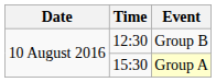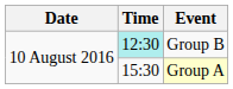 <table class = "wikitable" style="text-align:center;">
 <tr>
 <th>Date</th>
 <th>Time</th>
 <th>Event</th>
 </tr>
 <tr>
 <td rowspan=2>10 August 2016</td>
-<td>12:30</td>
+<td style="background: paleturquoise;">12:30</td>
 <td>Group B</td>
 </tr>
 <tr>
 <td>15:30</td>
 <td bgcolor=ffffcc>Group A</td>
 </tr>
 </table>
